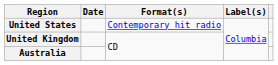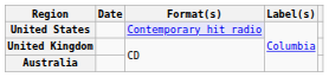 <table class="wikitable plainrowheaders">
 <tr>
 <th scope="col">Region</th>
 <th scope="col">Date</th>
 <th scope="col">Format(s)</th>
 <th scope="col">Label(s)</th>
 <th scope="col"></th>
 </tr>
 <tr>
 <th scope="row">United States</th>
 <td></td>
-<td><a href='#'>Contemporary hit radio</a></td>
+<td style="background: lavender;"><a href='#'>Contemporary hit radio</a></td>
 <td rowspan="3"><a href='#'>Columbia</a></td>
 <td></td>
 </tr>
 <tr>
 <th scope="row">United Kingdom</th>
 <td></td>
 <td rowspan="2">CD</td>
 <td></td>
 </tr>
 <tr>
 <th scope="row">Australia</th>
 <td></td>
 <td></td>
 </tr>
 </table>
